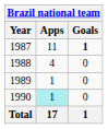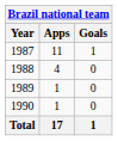 <table class="wikitable" style="text-align:center">
 <tr>
 <th colspan=3><a href='#'>Brazil national team</a></th>
 </tr>
 <tr>
 <th>Year</th>
 <th>Apps</th>
 <th>Goals</th>
 </tr>
 <tr>
 <td>1987</td>
 <td>11</td>
-<td><strong>1</strong></td>
+<td>1</td>
 </tr>
 <tr>
 <td>1988</td>
 <td>4</td>
 <td>0</td>
 </tr>
 <tr>
 <td>1989</td>
 <td>1</td>
 <td>0</td>
 </tr>
 <tr>
 <td>1990</td>
-<td style="background: paleturquoise;">1</td>
+<td>1</td>
 <td>0</td>
 </tr>
 <tr>
 <th>Total</th>
 <th>17</th>
 <th>1</th>
 </tr>
 </table>
